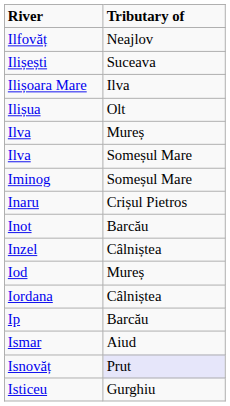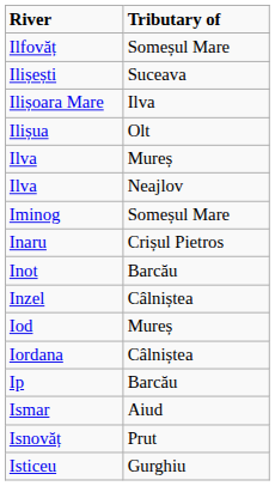 <table class="wikitable">
 <tr>
 <td width="100pt"><strong>River</strong></td>
 <td width="125pt"><strong>Tributary of</strong></td>
 </tr>
 <tr>
 <td><a href='#'>Ilfovăț</a></td>
-<td>Neajlov</td>
+<td>Someșul Mare</td>
 </tr>
 <tr>
 <td><a href='#'>Ilișești</a></td>
 <td>Suceava</td>
 </tr>
 <tr>
 <td><a href='#'>Ilișoara Mare</a></td>
 <td>Ilva</td>
 </tr>
 <tr>
 <td><a href='#'>Ilișua</a></td>
 <td>Olt</td>
 </tr>
 <tr>
 <td><a href='#'>Ilva</a></td>
 <td>Mureș</td>
 </tr>
 <tr>
 <td><a href='#'>Ilva</a></td>
-<td>Someșul Mare</td>
+<td>Neajlov</td>
 </tr>
 <tr>
 <td><a href='#'>Iminog</a></td>
 <td>Someșul Mare</td>
 </tr>
 <tr>
 <td><a href='#'>Inaru</a></td>
 <td>Crișul Pietros</td>
 </tr>
 <tr>
 <td><a href='#'>Inot</a></td>
 <td>Barcău</td>
 </tr>
 <tr>
 <td><a href='#'>Inzel</a></td>
 <td>Câlniștea</td>
 </tr>
 <tr>
 <td><a href='#'>Iod</a></td>
 <td>Mureș</td>
 </tr>
 <tr>
 <td><a href='#'>Iordana</a></td>
 <td>Câlniștea</td>
 </tr>
 <tr>
 <td><a href='#'>Ip</a></td>
 <td>Barcău</td>
 </tr>
 <tr>
 <td><a href='#'>Ismar</a></td>
 <td>Aiud</td>
 </tr>
 <tr>
 <td><a href='#'>Isnovăț</a></td>
-<td style="background: lavender;">Prut</td>
+<td>Prut</td>
 </tr>
 <tr>
 <td><a href='#'>Isticeu</a></td>
 <td>Gurghiu</td>
 </tr>
 </table>
